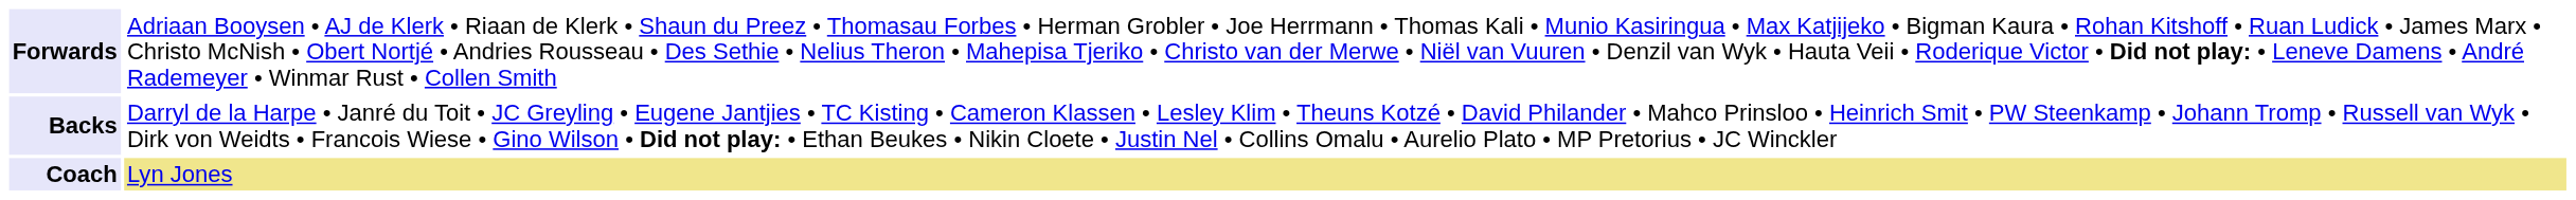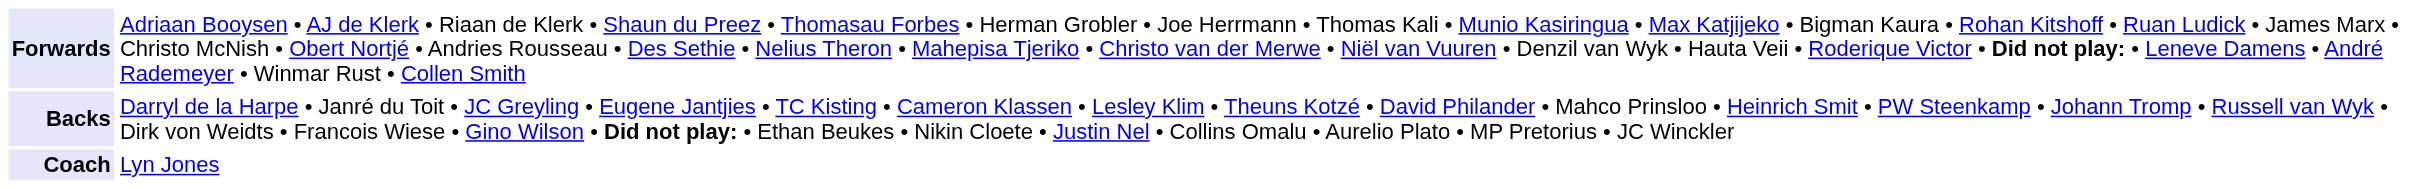 <table cellpadding="2" style="border: 1px solid white; font-size:90%;">
 <tr>
 <td style="text-align:right;" bgcolor="lavender"><strong>Forwards</strong></td>
 <td style="text-align:left;"><a href='#'>Adriaan Booysen</a> • <a href='#'>AJ de Klerk</a> • Riaan de Klerk • <a href='#'>Shaun du Preez</a> • <a href='#'>Thomasau Forbes</a> • Herman Grobler • Joe Herrmann • Thomas Kali • <a href='#'>Munio Kasiringua</a> • <a href='#'>Max Katjijeko</a> • Bigman Kaura • <a href='#'>Rohan Kitshoff</a> • <a href='#'>Ruan Ludick</a> • James Marx • Christo McNish • <a href='#'>Obert Nortjé</a> • Andries Rousseau • <a href='#'>Des Sethie</a> • <a href='#'>Nelius Theron</a> • <a href='#'>Mahepisa Tjeriko</a> • <a href='#'>Christo van der Merwe</a> • <a href='#'>Niël van Vuuren</a> • Denzil van Wyk • Hauta Veii • <a href='#'>Roderique Victor</a> • <strong>Did not play:</strong> • <a href='#'>Leneve Damens</a> • <a href='#'>André Rademeyer</a> • Winmar Rust • <a href='#'>Collen Smith</a></td>
 </tr>
 <tr>
 <td style="text-align:right;" bgcolor="lavender"><strong>Backs</strong></td>
 <td style="text-align:left;"><a href='#'>Darryl de la Harpe</a> • Janré du Toit • <a href='#'>JC Greyling</a> • <a href='#'>Eugene Jantjies</a> • <a href='#'>TC Kisting</a> • <a href='#'>Cameron Klassen</a> • <a href='#'>Lesley Klim</a> • <a href='#'>Theuns Kotzé</a> • <a href='#'>David Philander</a> • Mahco Prinsloo • <a href='#'>Heinrich Smit</a> • <a href='#'>PW Steenkamp</a> • <a href='#'>Johann Tromp</a> • <a href='#'>Russell van Wyk</a> • Dirk von Weidts • Francois Wiese • <a href='#'>Gino Wilson</a> • <strong>Did not play:</strong> • Ethan Beukes • Nikin Cloete • <a href='#'>Justin Nel</a> • Collins Omalu • Aurelio Plato • MP Pretorius • JC Winckler</td>
 </tr>
 <tr>
 <td style="text-align:right;" bgcolor="lavender"><strong>Coach</strong></td>
-<td style="background: khaki; text-align:left;"><a href='#'>Lyn Jones</a></td>
+<td style="text-align:left;"><a href='#'>Lyn Jones</a></td>
 </tr>
 </table>
